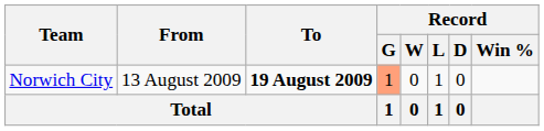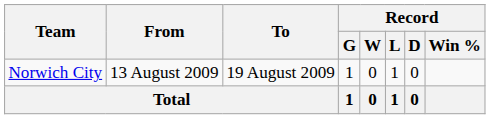 <table class="wikitable" style="text-align: center">
 <tr>
 <th rowspan="2">Team</th>
 <th rowspan="2">From</th>
 <th rowspan="2">To</th>
 <th colspan="5">Record</th>
 </tr>
 <tr>
 <th>G</th>
 <th>W</th>
 <th>L</th>
 <th>D</th>
 <th>Win %</th>
 </tr>
 <tr>
 <td align=left><a href='#'>Norwich City</a></td>
 <td align=left>13 August 2009</td>
-<td align=left><strong>19 August 2009</strong></td>
-<td style="background: lightsalmon;">1</td>
+<td align=left>19 August 2009</td>
+<td>1</td>
 <td>0</td>
 <td>1</td>
 <td>0</td>
 <td></td>
 </tr>
 <tr>
 <th colspan="3">Total</th>
 <th>1</th>
 <th>0</th>
 <th>1</th>
 <th>0</th>
 <th></th>
 </tr>
 </table>
